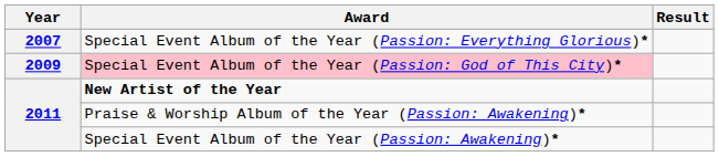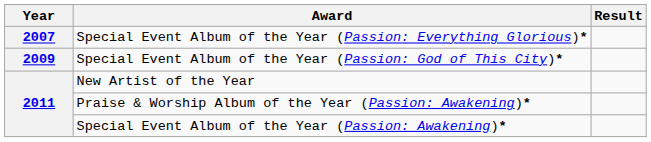 <table class="wikitable">
 <tr>
 <th style="width:60px;">Year</th>
 <th>Award</th>
 <th>Result</th>
 </tr>
 <tr>
 <th><a href='#'>2007</a></th>
 <td>Special Event Album of the Year (<em><a href='#'>Passion: Everything Glorious</a></em>)<span><strong>*</strong></span></td>
 <td></td>
 </tr>
 <tr>
 <th><a href='#'>2009</a></th>
-<td style="background: pink;">Special Event Album of the Year (<em><a href='#'>Passion: God of This City</a></em>)<span><strong>*</strong></span></td>
+<td>Special Event Album of the Year (<em><a href='#'>Passion: God of This City</a></em>)<span><strong>*</strong></span></td>
 <td></td>
 </tr>
 <tr>
 <th rowspan="3"><a href='#'>2011</a></th>
-<td><strong>New Artist of the Year</strong></td>
+<td>New Artist of the Year</td>
 <td></td>
 </tr>
 <tr>
 <td>Praise & Worship Album of the Year (<em><a href='#'>Passion: Awakening</a></em>)<span><strong>*</strong></span></td>
 <td></td>
 </tr>
 <tr>
 <td>Special Event Album of the Year (<em><a href='#'>Passion: Awakening</a></em>)<span><strong>*</strong></span></td>
 <td></td>
 </tr>
 </table>
